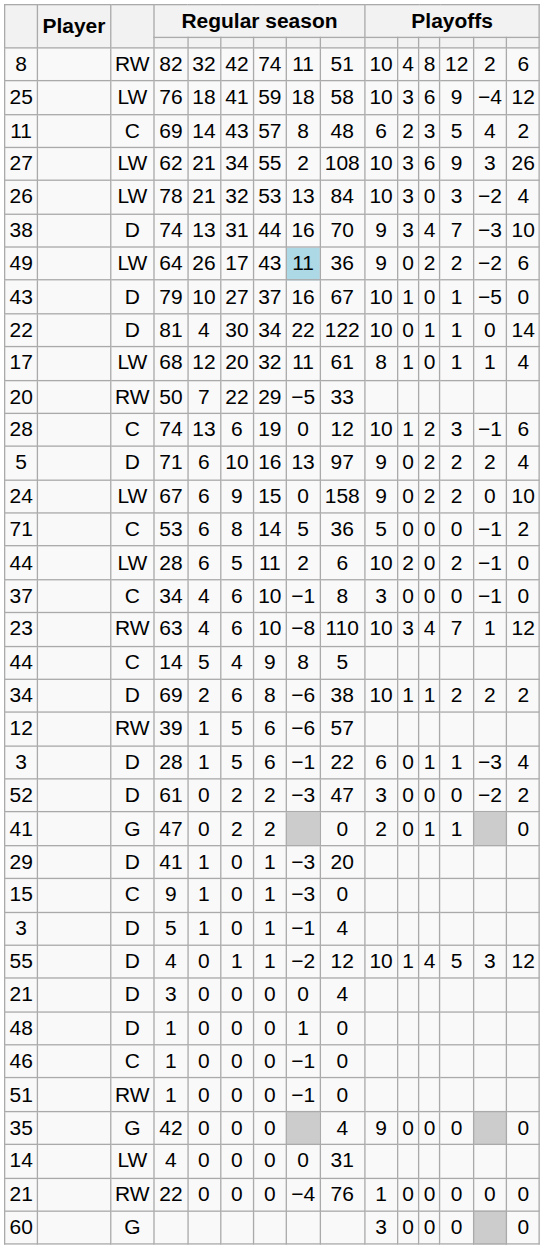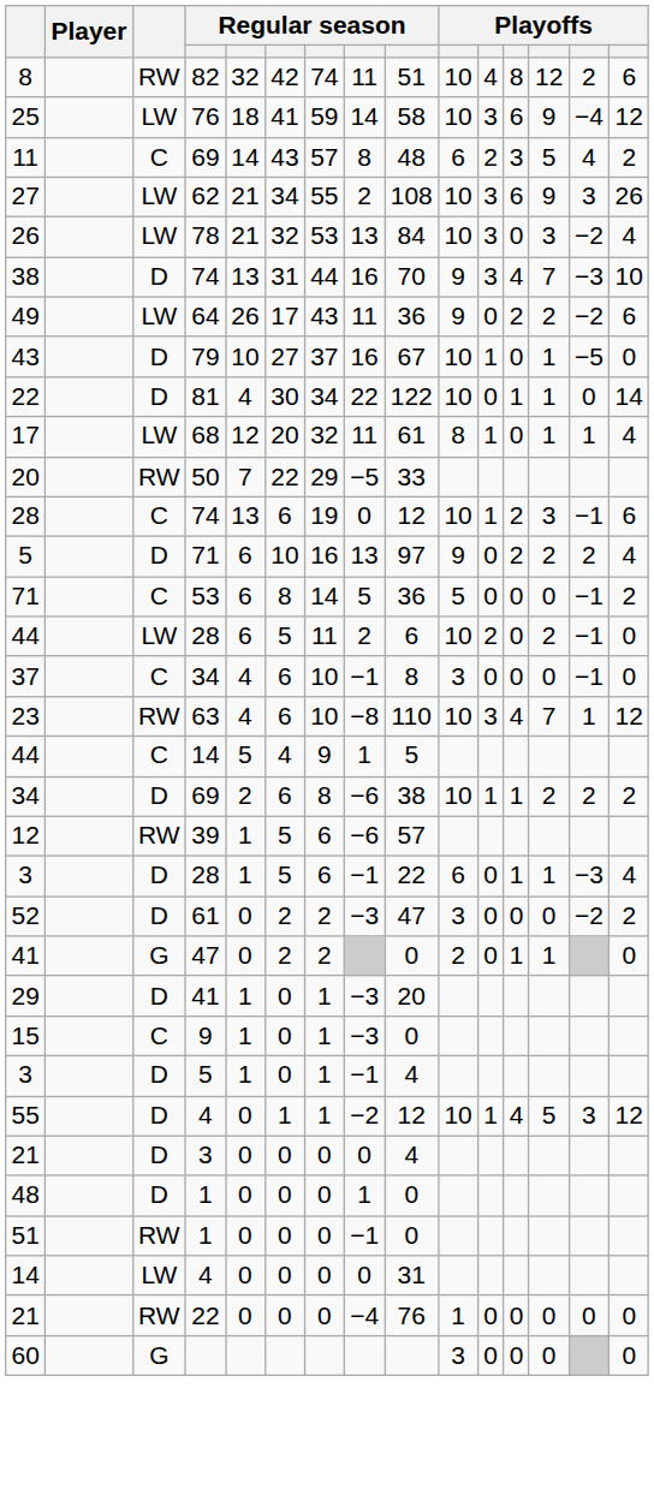 <table class="wikitable sortable plainrowheaders" style="text-align:center;">
 <tr>
 <th scope="col" data-sort-type="number" rowspan="2"></th>
 <th scope="col" rowspan="2">Player</th>
 <th scope="col" rowspan="2"></th>
 <th scope=colgroup colspan=6>Regular season</th>
 <th scope=colgroup colspan=6>Playoffs</th>
 </tr>
 <tr>
 <th scope="col" data-sort-type="number"></th>
 <th scope="col" data-sort-type="number"></th>
 <th scope="col" data-sort-type="number"></th>
 <th scope="col" data-sort-type="number"></th>
 <th scope="col" data-sort-type="number"></th>
 <th scope="col" data-sort-type="number"></th>
 <th scope="col" data-sort-type="number"></th>
 <th scope="col" data-sort-type="number"></th>
 <th scope="col" data-sort-type="number"></th>
 <th scope="col" data-sort-type="number"></th>
 <th scope="col" data-sort-type="number"></th>
 <th scope="col" data-sort-type="number"></th>
 </tr>
 <tr>
 <td scope="row">8</td>
 <td align="left"></td>
 <td>RW</td>
 <td>82</td>
 <td>32</td>
 <td>42</td>
 <td>74</td>
 <td>11</td>
 <td>51</td>
 <td>10</td>
 <td>4</td>
 <td>8</td>
 <td>12</td>
 <td>2</td>
 <td>6</td>
 </tr>
 <tr>
 <td scope="row">25</td>
 <td align="left"></td>
 <td>LW</td>
 <td>76</td>
 <td>18</td>
 <td>41</td>
 <td>59</td>
-<td>18</td>
+<td>14</td>
 <td>58</td>
 <td>10</td>
 <td>3</td>
 <td>6</td>
 <td>9</td>
 <td>−4</td>
 <td>12</td>
 </tr>
 <tr>
 <td scope="row">11</td>
 <td align="left"></td>
 <td>C</td>
 <td>69</td>
 <td>14</td>
 <td>43</td>
 <td>57</td>
 <td>8</td>
 <td>48</td>
 <td>6</td>
 <td>2</td>
 <td>3</td>
 <td>5</td>
 <td>4</td>
 <td>2</td>
 </tr>
 <tr>
 <td scope="row">27</td>
 <td align="left"></td>
 <td>LW</td>
 <td>62</td>
 <td>21</td>
 <td>34</td>
 <td>55</td>
 <td>2</td>
 <td>108</td>
 <td>10</td>
 <td>3</td>
 <td>6</td>
 <td>9</td>
 <td>3</td>
 <td>26</td>
 </tr>
 <tr>
 <td scope="row">26</td>
 <td align="left"></td>
 <td>LW</td>
 <td>78</td>
 <td>21</td>
 <td>32</td>
 <td>53</td>
 <td>13</td>
 <td>84</td>
 <td>10</td>
 <td>3</td>
 <td>0</td>
 <td>3</td>
 <td>−2</td>
 <td>4</td>
 </tr>
 <tr>
 <td scope="row">38</td>
 <td align="left"></td>
 <td>D</td>
 <td>74</td>
 <td>13</td>
 <td>31</td>
 <td>44</td>
 <td>16</td>
 <td>70</td>
 <td>9</td>
 <td>3</td>
 <td>4</td>
 <td>7</td>
 <td>−3</td>
 <td>10</td>
 </tr>
 <tr>
 <td scope="row">49</td>
 <td align="left"></td>
 <td>LW</td>
 <td>64</td>
 <td>26</td>
 <td>17</td>
 <td>43</td>
-<td style="background: lightblue;">11</td>
+<td>11</td>
 <td>36</td>
 <td>9</td>
 <td>0</td>
 <td>2</td>
 <td>2</td>
 <td>−2</td>
 <td>6</td>
 </tr>
 <tr>
 <td scope="row">43</td>
 <td align="left"></td>
 <td>D</td>
 <td>79</td>
 <td>10</td>
 <td>27</td>
 <td>37</td>
 <td>16</td>
 <td>67</td>
 <td>10</td>
 <td>1</td>
 <td>0</td>
 <td>1</td>
 <td>−5</td>
 <td>0</td>
 </tr>
 <tr>
 <td scope="row">22</td>
 <td align="left"></td>
 <td>D</td>
 <td>81</td>
 <td>4</td>
 <td>30</td>
 <td>34</td>
 <td>22</td>
 <td>122</td>
 <td>10</td>
 <td>0</td>
 <td>1</td>
 <td>1</td>
 <td>0</td>
 <td>14</td>
 </tr>
 <tr>
 <td scope="row">17</td>
 <td align="left"></td>
 <td>LW</td>
 <td>68</td>
 <td>12</td>
 <td>20</td>
 <td>32</td>
 <td>11</td>
 <td>61</td>
 <td>8</td>
 <td>1</td>
 <td>0</td>
 <td>1</td>
 <td>1</td>
 <td>4</td>
 </tr>
 <tr>
 <td scope="row">20</td>
 <td align="left"></td>
 <td>RW</td>
 <td>50</td>
 <td>7</td>
 <td>22</td>
 <td>29</td>
 <td>−5</td>
 <td>33</td>
 <td></td>
 <td></td>
 <td></td>
 <td></td>
 <td></td>
 <td></td>
 </tr>
 <tr>
 <td scope="row">28</td>
 <td align="left"></td>
 <td>C</td>
 <td>74</td>
 <td>13</td>
 <td>6</td>
 <td>19</td>
 <td>0</td>
 <td>12</td>
 <td>10</td>
 <td>1</td>
 <td>2</td>
 <td>3</td>
 <td>−1</td>
 <td>6</td>
 </tr>
 <tr>
 <td scope="row">5</td>
 <td align="left"></td>
 <td>D</td>
 <td>71</td>
 <td>6</td>
 <td>10</td>
 <td>16</td>
 <td>13</td>
 <td>97</td>
 <td>9</td>
 <td>0</td>
 <td>2</td>
 <td>2</td>
 <td>2</td>
 <td>4</td>
 </tr>
 <tr>
-<td scope="row">24</td>
-<td align="left"></td>
-<td>LW</td>
-<td>67</td>
-<td>6</td>
-<td>9</td>
-<td>15</td>
-<td>0</td>
-<td>158</td>
-<td>9</td>
-<td>0</td>
-<td>2</td>
-<td>2</td>
-<td>0</td>
-<td>10</td>
-</tr>
-<tr>
 <td scope="row">71</td>
 <td align="left"></td>
 <td>C</td>
 <td>53</td>
 <td>6</td>
 <td>8</td>
 <td>14</td>
 <td>5</td>
 <td>36</td>
 <td>5</td>
 <td>0</td>
 <td>0</td>
 <td>0</td>
 <td>−1</td>
 <td>2</td>
 </tr>
 <tr>
 <td scope="row">44</td>
 <td align="left"></td>
 <td>LW</td>
 <td>28</td>
 <td>6</td>
 <td>5</td>
 <td>11</td>
 <td>2</td>
 <td>6</td>
 <td>10</td>
 <td>2</td>
 <td>0</td>
 <td>2</td>
 <td>−1</td>
 <td>0</td>
 </tr>
 <tr>
 <td scope="row">37</td>
 <td align="left"></td>
 <td>C</td>
 <td>34</td>
 <td>4</td>
 <td>6</td>
 <td>10</td>
 <td>−1</td>
 <td>8</td>
 <td>3</td>
 <td>0</td>
 <td>0</td>
 <td>0</td>
 <td>−1</td>
 <td>0</td>
 </tr>
 <tr>
 <td scope="row">23</td>
 <td align="left"></td>
 <td>RW</td>
 <td>63</td>
 <td>4</td>
 <td>6</td>
 <td>10</td>
 <td>−8</td>
 <td>110</td>
 <td>10</td>
 <td>3</td>
 <td>4</td>
 <td>7</td>
 <td>1</td>
 <td>12</td>
 </tr>
 <tr>
 <td scope="row">44</td>
 <td align="left"></td>
 <td>C</td>
 <td>14</td>
 <td>5</td>
 <td>4</td>
 <td>9</td>
-<td>8</td>
+<td>1</td>
 <td>5</td>
 <td></td>
 <td></td>
 <td></td>
 <td></td>
 <td></td>
 <td></td>
 </tr>
 <tr>
 <td scope="row">34</td>
 <td align="left"></td>
 <td>D</td>
 <td>69</td>
 <td>2</td>
 <td>6</td>
 <td>8</td>
 <td>−6</td>
 <td>38</td>
 <td>10</td>
 <td>1</td>
 <td>1</td>
 <td>2</td>
 <td>2</td>
 <td>2</td>
 </tr>
 <tr>
 <td scope="row">12</td>
 <td align="left"></td>
 <td>RW</td>
 <td>39</td>
 <td>1</td>
 <td>5</td>
 <td>6</td>
 <td>−6</td>
 <td>57</td>
 <td></td>
 <td></td>
 <td></td>
 <td></td>
 <td></td>
 <td></td>
 </tr>
 <tr>
 <td scope="row">3</td>
 <td align="left"></td>
 <td>D</td>
 <td>28</td>
 <td>1</td>
 <td>5</td>
 <td>6</td>
 <td>−1</td>
 <td>22</td>
 <td>6</td>
 <td>0</td>
 <td>1</td>
 <td>1</td>
 <td>−3</td>
 <td>4</td>
 </tr>
 <tr>
 <td scope="row">52</td>
 <td align="left"></td>
 <td>D</td>
 <td>61</td>
 <td>0</td>
 <td>2</td>
 <td>2</td>
 <td>−3</td>
 <td>47</td>
 <td>3</td>
 <td>0</td>
 <td>0</td>
 <td>0</td>
 <td>−2</td>
 <td>2</td>
 </tr>
 <tr>
 <td scope="row">41</td>
 <td align="left"></td>
 <td>G</td>
 <td>47</td>
 <td>0</td>
 <td>2</td>
 <td>2</td>
 <td style="background:#ccc"></td>
 <td>0</td>
 <td>2</td>
 <td>0</td>
 <td>1</td>
 <td>1</td>
 <td style="background:#ccc"></td>
 <td>0</td>
 </tr>
 <tr>
 <td scope="row">29</td>
 <td align="left"></td>
 <td>D</td>
 <td>41</td>
 <td>1</td>
 <td>0</td>
 <td>1</td>
 <td>−3</td>
 <td>20</td>
 <td></td>
 <td></td>
 <td></td>
 <td></td>
 <td></td>
 <td></td>
 </tr>
 <tr>
 <td scope="row">15</td>
 <td align="left"></td>
 <td>C</td>
 <td>9</td>
 <td>1</td>
 <td>0</td>
 <td>1</td>
 <td>−3</td>
 <td>0</td>
 <td></td>
 <td></td>
 <td></td>
 <td></td>
 <td></td>
 <td></td>
 </tr>
 <tr>
 <td scope="row">3</td>
 <td align="left"></td>
 <td>D</td>
 <td>5</td>
 <td>1</td>
 <td>0</td>
 <td>1</td>
 <td>−1</td>
 <td>4</td>
 <td></td>
 <td></td>
 <td></td>
 <td></td>
 <td></td>
 <td></td>
 </tr>
 <tr>
 <td scope="row">55</td>
 <td align="left"></td>
 <td>D</td>
 <td>4</td>
 <td>0</td>
 <td>1</td>
 <td>1</td>
 <td>−2</td>
 <td>12</td>
 <td>10</td>
 <td>1</td>
 <td>4</td>
 <td>5</td>
 <td>3</td>
 <td>12</td>
 </tr>
 <tr>
 <td scope="row">21</td>
 <td align="left"></td>
 <td>D</td>
 <td>3</td>
 <td>0</td>
 <td>0</td>
 <td>0</td>
 <td>0</td>
 <td>4</td>
 <td></td>
 <td></td>
 <td></td>
 <td></td>
 <td></td>
 <td></td>
 </tr>
 <tr>
 <td scope="row">48</td>
 <td align="left"></td>
 <td>D</td>
 <td>1</td>
 <td>0</td>
 <td>0</td>
 <td>0</td>
 <td>1</td>
 <td>0</td>
 <td></td>
 <td></td>
 <td></td>
 <td></td>
 <td></td>
 <td></td>
 </tr>
 <tr>
-<td scope="row">46</td>
-<td align="left"></td>
-<td>C</td>
-<td>1</td>
-<td>0</td>
-<td>0</td>
-<td>0</td>
-<td>−1</td>
-<td>0</td>
-<td></td>
-<td></td>
-<td></td>
-<td></td>
-<td></td>
-<td></td>
-</tr>
-<tr>
 <td scope="row">51</td>
 <td align="left"></td>
 <td>RW</td>
 <td>1</td>
 <td>0</td>
 <td>0</td>
 <td>0</td>
 <td>−1</td>
 <td>0</td>
 <td></td>
 <td></td>
 <td></td>
 <td></td>
 <td></td>
 <td></td>
-</tr>
-<tr>
-<td scope="row">35</td>
-<td align="left"></td>
-<td>G</td>
-<td>42</td>
-<td>0</td>
-<td>0</td>
-<td>0</td>
-<td style="background:#ccc"></td>
-<td>4</td>
-<td>9</td>
-<td>0</td>
-<td>0</td>
-<td>0</td>
-<td style="background:#ccc"></td>
-<td>0</td>
 </tr>
 <tr>
 <td scope="row">14</td>
 <td align="left"></td>
 <td>LW</td>
 <td>4</td>
 <td>0</td>
 <td>0</td>
 <td>0</td>
 <td>0</td>
 <td>31</td>
 <td></td>
 <td></td>
 <td></td>
 <td></td>
 <td></td>
 <td></td>
 </tr>
 <tr>
 <td scope="row">21</td>
 <td align="left"></td>
 <td>RW</td>
 <td>22</td>
 <td>0</td>
 <td>0</td>
 <td>0</td>
 <td>−4</td>
 <td>76</td>
 <td>1</td>
 <td>0</td>
 <td>0</td>
 <td>0</td>
 <td>0</td>
 <td>0</td>
 </tr>
 <tr>
 <td scope="row">60</td>
 <td align="left"></td>
 <td>G</td>
 <td></td>
 <td></td>
 <td></td>
 <td></td>
 <td></td>
 <td></td>
 <td>3</td>
 <td>0</td>
 <td>0</td>
 <td>0</td>
 <td style="background:#ccc"></td>
 <td>0</td>
 </tr>
 </table>
